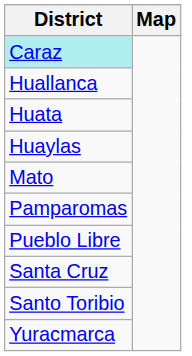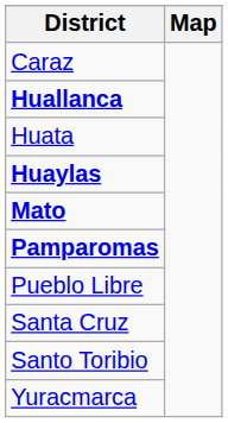 <table class="wikitable">
 <tr>
 </tr>
 <tr>
 <th>District</th>
 <th>Map</th>
 </tr>
 <tr>
-<td style="background: paleturquoise;"><a href='#'>Caraz</a></td>
+<td><a href='#'>Caraz</a></td>
 <td align="center" valign="center" rowspan="10"></td>
 </tr>
 <tr>
-<td><a href='#'>Huallanca</a></td>
+<td><strong><a href='#'>Huallanca</a></strong></td>
 </tr>
 <tr>
 <td><a href='#'>Huata</a></td>
 </tr>
 <tr>
-<td><a href='#'>Huaylas</a></td>
+<td><strong><a href='#'>Huaylas</a></strong></td>
 </tr>
 <tr>
-<td><a href='#'>Mato</a></td>
+<td><strong><a href='#'>Mato</a></strong></td>
 </tr>
 <tr>
-<td><a href='#'>Pamparomas</a></td>
+<td><strong><a href='#'>Pamparomas</a></strong></td>
 </tr>
 <tr>
 <td><a href='#'>Pueblo Libre</a></td>
 </tr>
 <tr>
 <td><a href='#'>Santa Cruz</a></td>
 </tr>
 <tr>
 <td><a href='#'>Santo Toribio</a></td>
 </tr>
 <tr>
 <td><a href='#'>Yuracmarca</a></td>
 </tr>
 </table>
